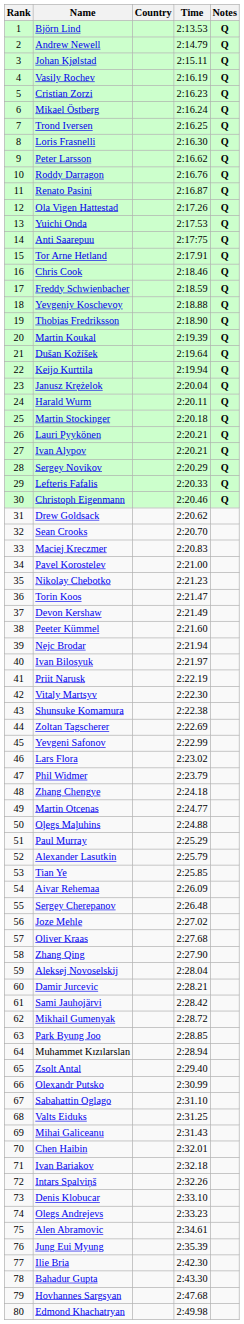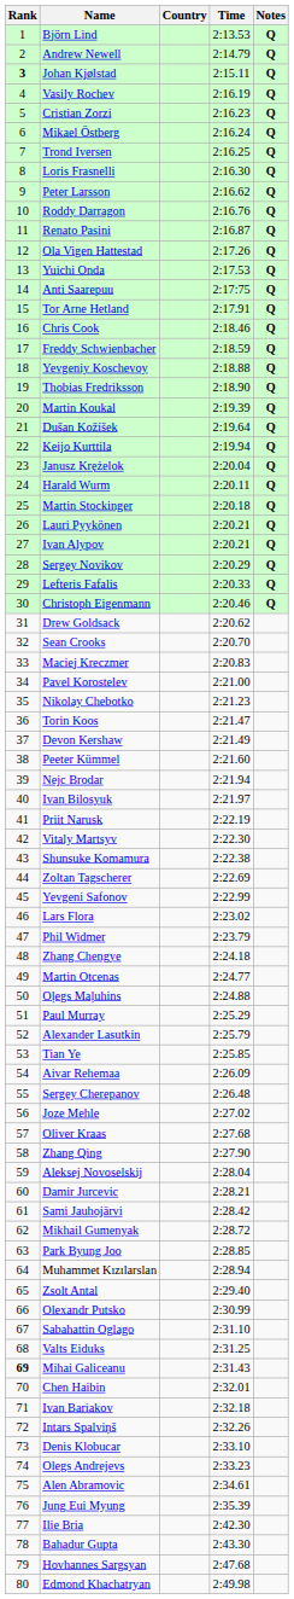 <table class="wikitable sortable" style="text-align:center">
 <tr>
 <th>Rank</th>
 <th>Name</th>
 <th>Country</th>
 <th>Time</th>
 <th>Notes</th>
 </tr>
 <tr bgcolor="#ccffcc">
 <td>1</td>
 <td align="left"><a href='#'>Björn Lind</a></td>
 <td align="left"></td>
 <td>2:13.53</td>
 <td><strong>Q</strong></td>
 </tr>
 <tr bgcolor="#ccffcc">
 <td>2</td>
 <td align="left"><a href='#'>Andrew Newell</a></td>
 <td align="left"></td>
 <td>2:14.79</td>
 <td><strong>Q</strong></td>
 </tr>
 <tr bgcolor="#ccffcc">
-<td>3</td>
+<td><strong>3</strong></td>
 <td align="left"><a href='#'>Johan Kjølstad</a></td>
 <td align="left"></td>
 <td>2:15.11</td>
 <td><strong>Q</strong></td>
 </tr>
 <tr bgcolor="#ccffcc">
 <td>4</td>
 <td align="left"><a href='#'>Vasily Rochev</a></td>
 <td align="left"></td>
 <td>2:16.19</td>
 <td><strong>Q</strong></td>
 </tr>
 <tr bgcolor="#ccffcc">
 <td>5</td>
 <td align="left"><a href='#'>Cristian Zorzi</a></td>
 <td align="left"></td>
 <td>2:16.23</td>
 <td><strong>Q</strong></td>
 </tr>
 <tr bgcolor="#ccffcc">
 <td>6</td>
 <td align="left"><a href='#'>Mikael Östberg</a></td>
 <td align="left"></td>
 <td>2:16.24</td>
 <td><strong>Q</strong></td>
 </tr>
 <tr bgcolor="#ccffcc">
 <td>7</td>
 <td align="left"><a href='#'>Trond Iversen</a></td>
 <td align="left"></td>
 <td>2:16.25</td>
 <td><strong>Q</strong></td>
 </tr>
 <tr bgcolor="#ccffcc">
 <td>8</td>
 <td align="left"><a href='#'>Loris Frasnelli</a></td>
 <td align="left"></td>
 <td>2:16.30</td>
 <td><strong>Q</strong></td>
 </tr>
 <tr bgcolor="#ccffcc">
 <td>9</td>
 <td align="left"><a href='#'>Peter Larsson</a></td>
 <td align="left"></td>
 <td>2:16.62</td>
 <td><strong>Q</strong></td>
 </tr>
 <tr bgcolor="#ccffcc">
 <td>10</td>
 <td align="left"><a href='#'>Roddy Darragon</a></td>
 <td align="left"></td>
 <td>2:16.76</td>
 <td><strong>Q</strong></td>
 </tr>
 <tr bgcolor="#ccffcc">
 <td>11</td>
 <td align="left"><a href='#'>Renato Pasini</a></td>
 <td align="left"></td>
 <td>2:16.87</td>
 <td><strong>Q</strong></td>
 </tr>
 <tr bgcolor="#ccffcc">
 <td>12</td>
 <td align="left"><a href='#'>Ola Vigen Hattestad</a></td>
 <td align="left"></td>
 <td>2:17.26</td>
 <td><strong>Q</strong></td>
 </tr>
 <tr bgcolor="#ccffcc">
 <td>13</td>
 <td align="left"><a href='#'>Yuichi Onda</a></td>
 <td align="left"></td>
 <td>2:17.53</td>
 <td><strong>Q</strong></td>
 </tr>
 <tr bgcolor="#ccffcc">
 <td>14</td>
 <td align="left"><a href='#'>Anti Saarepuu</a></td>
 <td align="left"></td>
 <td>2:17:75</td>
 <td><strong>Q</strong></td>
 </tr>
 <tr bgcolor="#ccffcc">
 <td>15</td>
 <td align="left"><a href='#'>Tor Arne Hetland</a></td>
 <td align="left"></td>
 <td>2:17.91</td>
 <td><strong>Q</strong></td>
 </tr>
 <tr bgcolor="#ccffcc">
 <td>16</td>
 <td align="left"><a href='#'>Chris Cook</a></td>
 <td align="left"></td>
 <td>2:18.46</td>
 <td><strong>Q</strong></td>
 </tr>
 <tr bgcolor="#ccffcc">
 <td>17</td>
 <td align="left"><a href='#'>Freddy Schwienbacher</a></td>
 <td align="left"></td>
 <td>2:18.59</td>
 <td><strong>Q</strong></td>
 </tr>
 <tr bgcolor="#ccffcc">
 <td>18</td>
 <td align="left"><a href='#'>Yevgeniy Koschevoy</a></td>
 <td align="left"></td>
 <td>2:18.88</td>
 <td><strong>Q</strong></td>
 </tr>
 <tr bgcolor="#ccffcc">
 <td>19</td>
 <td align="left"><a href='#'>Thobias Fredriksson</a></td>
 <td align="left"></td>
 <td>2:18.90</td>
 <td><strong>Q</strong></td>
 </tr>
 <tr bgcolor="#ccffcc">
 <td>20</td>
 <td align="left"><a href='#'>Martin Koukal</a></td>
 <td align="left"></td>
 <td>2:19.39</td>
 <td><strong>Q</strong></td>
 </tr>
 <tr bgcolor="#ccffcc">
 <td>21</td>
 <td align="left"><a href='#'>Dušan Kožíšek</a></td>
 <td align="left"></td>
 <td>2:19.64</td>
 <td><strong>Q</strong></td>
 </tr>
 <tr bgcolor="#ccffcc">
 <td>22</td>
 <td align="left"><a href='#'>Keijo Kurttila</a></td>
 <td align="left"></td>
 <td>2:19.94</td>
 <td><strong>Q</strong></td>
 </tr>
 <tr bgcolor="#ccffcc">
 <td>23</td>
 <td align="left"><a href='#'>Janusz Krężelok</a></td>
 <td align="left"></td>
 <td>2:20.04</td>
 <td><strong>Q</strong></td>
 </tr>
 <tr bgcolor="#ccffcc">
 <td>24</td>
 <td align="left"><a href='#'>Harald Wurm</a></td>
 <td align="left"></td>
 <td>2:20.11</td>
 <td><strong>Q</strong></td>
 </tr>
 <tr bgcolor="#ccffcc">
 <td>25</td>
 <td align="left"><a href='#'>Martin Stockinger</a></td>
 <td align="left"></td>
 <td>2:20.18</td>
 <td><strong>Q</strong></td>
 </tr>
 <tr bgcolor="#ccffcc">
 <td>26</td>
 <td align="left"><a href='#'>Lauri Pyykönen</a></td>
 <td align="left"></td>
 <td>2:20.21</td>
 <td><strong>Q</strong></td>
 </tr>
 <tr bgcolor="#ccffcc">
 <td>27</td>
 <td align="left"><a href='#'>Ivan Alypov</a></td>
 <td align="left"></td>
 <td>2:20.21</td>
 <td><strong>Q</strong></td>
 </tr>
 <tr bgcolor="#ccffcc">
 <td>28</td>
 <td align="left"><a href='#'>Sergey Novikov</a></td>
 <td align="left"></td>
 <td>2:20.29</td>
 <td><strong>Q</strong></td>
 </tr>
 <tr bgcolor="#ccffcc">
 <td>29</td>
 <td align="left"><a href='#'>Lefteris Fafalis</a></td>
 <td align="left"></td>
 <td>2:20.33</td>
 <td><strong>Q</strong></td>
 </tr>
 <tr bgcolor="#ccffcc">
 <td>30</td>
 <td align="left"><a href='#'>Christoph Eigenmann</a></td>
 <td align="left"></td>
 <td>2:20.46</td>
 <td><strong>Q</strong></td>
 </tr>
 <tr>
 <td>31</td>
 <td align="left"><a href='#'>Drew Goldsack</a></td>
 <td align="left"></td>
 <td>2:20.62</td>
 <td></td>
 </tr>
 <tr>
 <td>32</td>
 <td align="left"><a href='#'>Sean Crooks</a></td>
 <td align="left"></td>
 <td>2:20.70</td>
 <td></td>
 </tr>
 <tr>
 <td>33</td>
 <td align="left"><a href='#'>Maciej Kreczmer</a></td>
 <td align="left"></td>
 <td>2:20.83</td>
 <td></td>
 </tr>
 <tr>
 <td>34</td>
 <td align="left"><a href='#'>Pavel Korostelev</a></td>
 <td align="left"></td>
 <td>2:21.00</td>
 <td></td>
 </tr>
 <tr>
 <td>35</td>
 <td align="left"><a href='#'>Nikolay Chebotko</a></td>
 <td align="left"></td>
 <td>2:21.23</td>
 <td></td>
 </tr>
 <tr>
 <td>36</td>
 <td align="left"><a href='#'>Torin Koos</a></td>
 <td align="left"></td>
 <td>2:21.47</td>
 <td></td>
 </tr>
 <tr>
 <td>37</td>
 <td align="left"><a href='#'>Devon Kershaw</a></td>
 <td align="left"></td>
 <td>2:21.49</td>
 <td></td>
 </tr>
 <tr>
 <td>38</td>
 <td align="left"><a href='#'>Peeter Kümmel</a></td>
 <td align="left"></td>
 <td>2:21.60</td>
 <td></td>
 </tr>
 <tr>
 <td>39</td>
 <td align="left"><a href='#'>Nejc Brodar</a></td>
 <td align="left"></td>
 <td>2:21.94</td>
 <td></td>
 </tr>
 <tr>
 <td>40</td>
 <td align="left"><a href='#'>Ivan Bilosyuk</a></td>
 <td align="left"></td>
 <td>2:21.97</td>
 <td></td>
 </tr>
 <tr>
 <td>41</td>
 <td align="left"><a href='#'>Priit Narusk</a></td>
 <td align="left"></td>
 <td>2:22.19</td>
 <td></td>
 </tr>
 <tr>
 <td>42</td>
 <td align="left"><a href='#'>Vitaly Martsyv</a></td>
 <td align="left"></td>
 <td>2:22.30</td>
 <td></td>
 </tr>
 <tr>
 <td>43</td>
 <td align="left"><a href='#'>Shunsuke Komamura</a></td>
 <td align="left"></td>
 <td>2:22.38</td>
 <td></td>
 </tr>
 <tr>
 <td>44</td>
 <td align="left"><a href='#'>Zoltan Tagscherer</a></td>
 <td align="left"></td>
 <td>2:22.69</td>
 <td></td>
 </tr>
 <tr>
 <td>45</td>
 <td align="left"><a href='#'>Yevgeni Safonov</a></td>
 <td align="left"></td>
 <td>2:22.99</td>
 <td></td>
 </tr>
 <tr>
 <td>46</td>
 <td align="left"><a href='#'>Lars Flora</a></td>
 <td align="left"></td>
 <td>2:23.02</td>
 <td></td>
 </tr>
 <tr>
 <td>47</td>
 <td align="left"><a href='#'>Phil Widmer</a></td>
 <td align="left"></td>
 <td>2:23.79</td>
 <td></td>
 </tr>
 <tr>
 <td>48</td>
 <td align="left"><a href='#'>Zhang Chengye</a></td>
 <td align="left"></td>
 <td>2:24.18</td>
 <td></td>
 </tr>
 <tr>
 <td>49</td>
 <td align="left"><a href='#'>Martin Otcenas</a></td>
 <td align="left"></td>
 <td>2:24.77</td>
 <td></td>
 </tr>
 <tr>
 <td>50</td>
 <td align="left"><a href='#'>Oļegs Maļuhins</a></td>
 <td align="left"></td>
 <td>2:24.88</td>
 <td></td>
 </tr>
 <tr>
 <td>51</td>
 <td align="left"><a href='#'>Paul Murray</a></td>
 <td align="left"></td>
 <td>2:25.29</td>
 <td></td>
 </tr>
 <tr>
 <td>52</td>
 <td align="left"><a href='#'>Alexander Lasutkin</a></td>
 <td align="left"></td>
 <td>2:25.79</td>
 <td></td>
 </tr>
 <tr>
 <td>53</td>
 <td align="left"><a href='#'>Tian Ye</a></td>
 <td align="left"></td>
 <td>2:25.85</td>
 <td></td>
 </tr>
 <tr>
 <td>54</td>
 <td align="left"><a href='#'>Aivar Rehemaa</a></td>
 <td align="left"></td>
 <td>2:26.09</td>
 <td></td>
 </tr>
 <tr>
 <td>55</td>
 <td align="left"><a href='#'>Sergey Cherepanov</a></td>
 <td align="left"></td>
 <td>2:26.48</td>
 <td></td>
 </tr>
 <tr>
 <td>56</td>
 <td align="left"><a href='#'>Joze Mehle</a></td>
 <td align="left"></td>
 <td>2:27.02</td>
 <td></td>
 </tr>
 <tr>
 <td>57</td>
 <td align="left"><a href='#'>Oliver Kraas</a></td>
 <td align="left"></td>
 <td>2:27.68</td>
 <td></td>
 </tr>
 <tr>
 <td>58</td>
 <td align="left"><a href='#'>Zhang Qing</a></td>
 <td align="left"></td>
 <td>2:27.90</td>
 <td></td>
 </tr>
 <tr>
 <td>59</td>
 <td align="left"><a href='#'>Aleksej Novoselskij</a></td>
 <td align="left"></td>
 <td>2:28.04</td>
 <td></td>
 </tr>
 <tr>
 <td>60</td>
 <td align="left"><a href='#'>Damir Jurcevic</a></td>
 <td align="left"></td>
 <td>2:28.21</td>
 <td></td>
 </tr>
 <tr>
 <td>61</td>
 <td align="left"><a href='#'>Sami Jauhojärvi</a></td>
 <td align="left"></td>
 <td>2:28.42</td>
 <td></td>
 </tr>
 <tr>
 <td>62</td>
 <td align="left"><a href='#'>Mikhail Gumenyak</a></td>
 <td align="left"></td>
 <td>2:28.72</td>
 <td></td>
 </tr>
 <tr>
 <td>63</td>
 <td align="left"><a href='#'>Park Byung Joo</a></td>
 <td align="left"></td>
 <td>2:28.85</td>
 <td></td>
 </tr>
 <tr>
 <td>64</td>
 <td align="left">Muhammet Kızılarslan</td>
 <td align="left"></td>
 <td>2:28.94</td>
 <td></td>
 </tr>
 <tr>
 <td>65</td>
 <td align="left"><a href='#'>Zsolt Antal</a></td>
 <td align="left"></td>
 <td>2:29.40</td>
 <td></td>
 </tr>
 <tr>
 <td>66</td>
 <td align="left"><a href='#'>Olexandr Putsko</a></td>
 <td align="left"></td>
 <td>2:30.99</td>
 <td></td>
 </tr>
 <tr>
 <td>67</td>
 <td align="left"><a href='#'>Sabahattin Oglago</a></td>
 <td align="left"></td>
 <td>2:31.10</td>
 <td></td>
 </tr>
 <tr>
 <td>68</td>
 <td align="left"><a href='#'>Valts Eiduks</a></td>
 <td align="left"></td>
 <td>2:31.25</td>
 <td></td>
 </tr>
 <tr>
-<td>69</td>
+<td><strong>69</strong></td>
 <td align="left"><a href='#'>Mihai Galiceanu</a></td>
 <td align="left"></td>
 <td>2:31.43</td>
 <td></td>
 </tr>
 <tr>
 <td>70</td>
 <td align="left"><a href='#'>Chen Haibin</a></td>
 <td align="left"></td>
 <td>2:32.01</td>
 <td></td>
 </tr>
 <tr>
 <td>71</td>
 <td align="left"><a href='#'>Ivan Bariakov</a></td>
 <td align="left"></td>
 <td>2:32.18</td>
 <td></td>
 </tr>
 <tr>
 <td>72</td>
 <td align="left"><a href='#'>Intars Spalviņš</a></td>
 <td align="left"></td>
 <td>2:32.26</td>
 <td></td>
 </tr>
 <tr>
 <td>73</td>
 <td align="left"><a href='#'>Denis Klobucar</a></td>
 <td align="left"></td>
 <td>2:33.10</td>
 <td></td>
 </tr>
 <tr>
 <td>74</td>
 <td align="left"><a href='#'>Olegs Andrejevs</a></td>
 <td align="left"></td>
 <td>2:33.23</td>
 <td></td>
 </tr>
 <tr>
 <td>75</td>
 <td align="left"><a href='#'>Alen Abramovic</a></td>
 <td align="left"></td>
 <td>2:34.61</td>
 <td></td>
 </tr>
 <tr>
 <td>76</td>
 <td align="left"><a href='#'>Jung Eui Myung</a></td>
 <td align="left"></td>
 <td>2:35.39</td>
 <td></td>
 </tr>
 <tr>
 <td>77</td>
 <td align="left"><a href='#'>Ilie Bria</a></td>
 <td align="left"></td>
 <td>2:42.30</td>
 <td></td>
 </tr>
 <tr>
 <td>78</td>
 <td align="left"><a href='#'>Bahadur Gupta</a></td>
 <td align="left"></td>
 <td>2:43.30</td>
 <td></td>
 </tr>
 <tr>
 <td>79</td>
 <td align="left"><a href='#'>Hovhannes Sargsyan</a></td>
 <td align="left"></td>
 <td>2:47.68</td>
 <td></td>
 </tr>
 <tr>
 <td>80</td>
 <td align="left"><a href='#'>Edmond Khachatryan</a></td>
 <td align="left"></td>
 <td>2:49.98</td>
 <td></td>
 </tr>
 </table>
